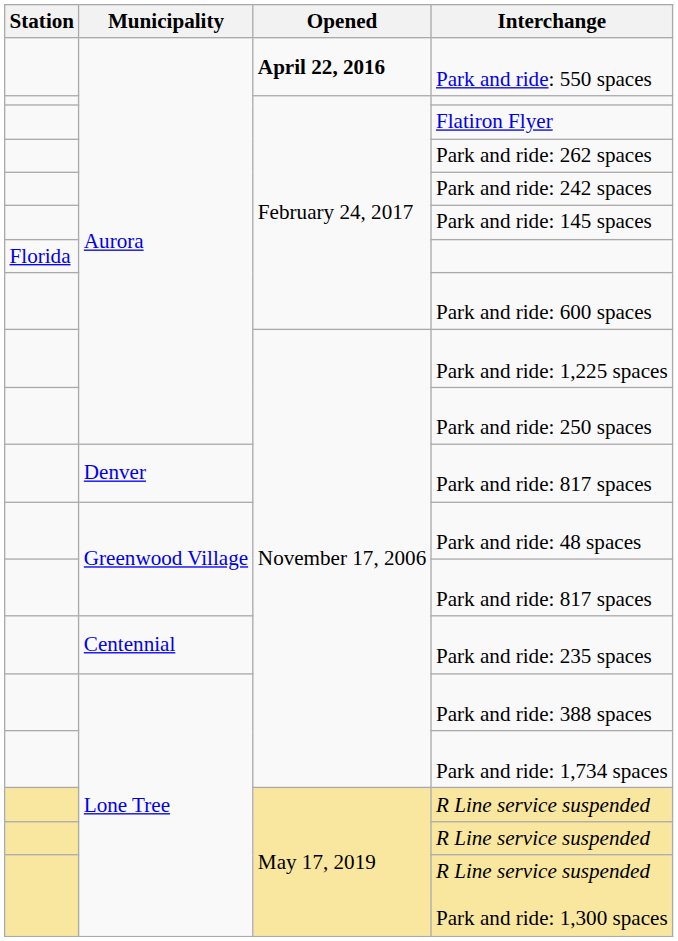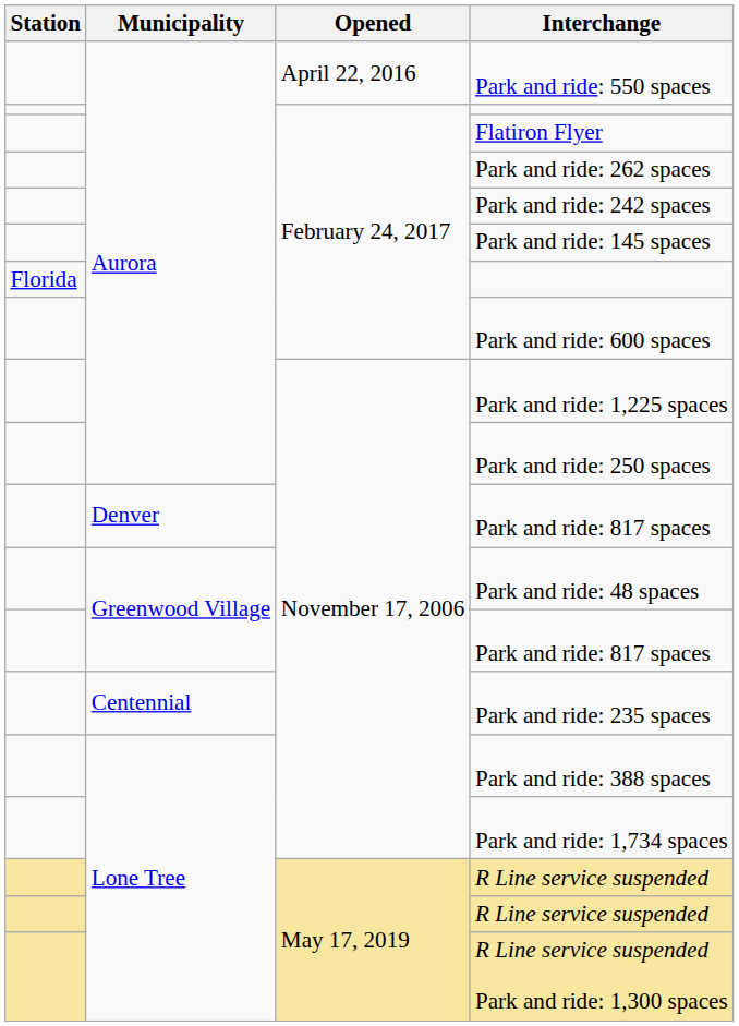 <table class="wikitable">
 <tr>
 <th>Station</th>
 <th>Municipality</th>
 <th>Opened</th>
 <th>Interchange</th>
 </tr>
 <tr>
 <td></td>
 <td rowspan="10"><a href='#'>Aurora</a></td>
-<td><strong>April 22, 2016</strong></td>
+<td>April 22, 2016</td>
 <td> <br><a href='#'>Park and ride</a>: 550 spaces</td>
 </tr>
 <tr>
 <td></td>
 <td rowspan="7">February 24, 2017</td>
 <td></td>
 </tr>
 <tr>
 <td></td>
 <td> <a href='#'>Flatiron Flyer</a></td>
 </tr>
 <tr>
 <td></td>
 <td>Park and ride: 262 spaces</td>
 </tr>
 <tr>
 <td></td>
 <td>Park and ride: 242 spaces</td>
 </tr>
 <tr>
 <td></td>
 <td>Park and ride: 145 spaces</td>
 </tr>
 <tr>
 <td><a href='#'>Florida</a></td>
 <td> </td>
 </tr>
 <tr>
 <td></td>
 <td> <br>Park and ride: 600 spaces</td>
 </tr>
 <tr>
 <td></td>
 <td rowspan="8">November 17, 2006</td>
 <td> <br>Park and ride: 1,225 spaces</td>
 </tr>
 <tr>
 <td></td>
 <td> <br>Park and ride: 250 spaces</td>
 </tr>
 <tr>
 <td></td>
 <td><a href='#'>Denver</a></td>
 <td> <br>Park and ride: 817 spaces</td>
 </tr>
 <tr>
 <td></td>
 <td rowspan="2"><a href='#'>Greenwood Village</a></td>
 <td> <br>Park and ride: 48 spaces</td>
 </tr>
 <tr>
 <td></td>
 <td> <br>Park and ride: 817 spaces</td>
 </tr>
 <tr>
 <td></td>
 <td><a href='#'>Centennial</a></td>
 <td> <br>Park and ride: 235 spaces</td>
 </tr>
 <tr>
 <td></td>
 <td rowspan="5"><a href='#'>Lone Tree</a></td>
 <td> <br>Park and ride: 388 spaces</td>
 </tr>
 <tr>
 <td></td>
 <td> <br>Park and ride: 1,734 spaces</td>
 </tr>
 <tr bgcolor="#F9E79F">
 <td><em></em></td>
 <td rowspan="3">May 17, 2019</td>
 <td><em>R Line service suspended</em><br> </td>
 </tr>
 <tr bgcolor="#F9E79F">
 <td><em></em></td>
 <td><em>R Line service suspended</em><br> </td>
 </tr>
 <tr bgcolor="#F9E79F">
 <td><em></em></td>
 <td><em>R Line service suspended</em><br> <br>Park and ride: 1,300 spaces</td>
 </tr>
 </table>
